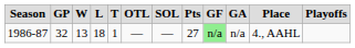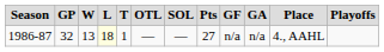 <table class="wikitable">
 <tr style="font-weight:bold; background-color:#dddddd;" align="center" |>
 <td>Season</td>
 <td>GP</td>
 <td>W</td>
 <td>L</td>
 <td>T</td>
 <td>OTL</td>
 <td>SOL</td>
 <td>Pts</td>
 <td>GF</td>
 <td>GA</td>
 <td>Place</td>
 <td>Playoffs</td>
 </tr>
 <tr align="center">
 <td>1986-87</td>
 <td>32</td>
 <td>13</td>
-<td>18</td>
+<td style="background: lightyellow;">18</td>
 <td>1</td>
 <td>—</td>
 <td>—</td>
 <td>27</td>
-<td style="background: lightgreen;">n/a</td>
+<td>n/a</td>
 <td>n/a</td>
 <td align="left">4., AAHL</td>
 <td></td>
 </tr>
 </table>
